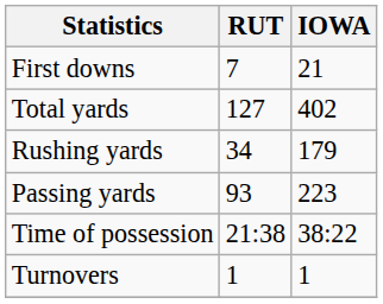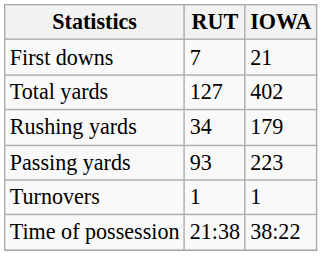 <table class="wikitable">
 <tr>
 <th>Statistics</th>
 <th>RUT</th>
 <th>IOWA</th>
 </tr>
 <tr>
 <td>First downs</td>
 <td>7</td>
 <td>21</td>
 </tr>
 <tr>
 <td>Total yards</td>
 <td>127</td>
 <td>402</td>
 </tr>
 <tr>
 <td>Rushing yards</td>
 <td>34</td>
 <td>179</td>
 </tr>
 <tr>
 <td>Passing yards</td>
 <td>93</td>
 <td>223</td>
 </tr>
 <tr>
+<td>Turnovers</td>
+<td>1</td>
+<td>1</td>
+</tr>
+<tr>
 <td>Time of possession</td>
 <td>21:38</td>
 <td>38:22</td>
 </tr>
 <tr>
-<td>Turnovers</td>
-<td>1</td>
-<td>1</td>
-</tr>
-<tr>
 </tr>
 </table>
